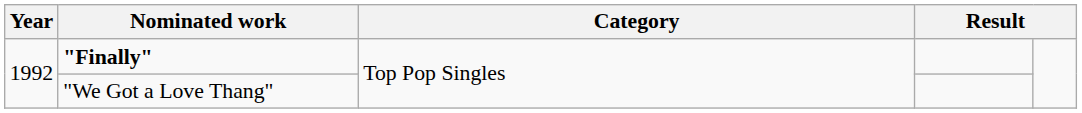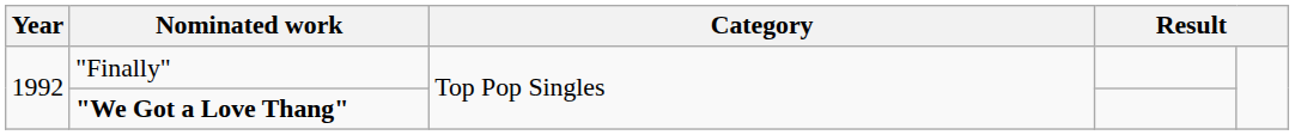 <table class=wikitable>
 <tr>
 <th width=5%>Year</th>
 <th width=28%>Nominated work</th>
 <th width=52%>Category</th>
 <th width=15% colspan=2>Result</th>
 </tr>
 <tr>
 <td rowspan=2>1992</td>
-<td><strong>"Finally"</strong></td>
+<td>"Finally"</td>
 <td rowspan=2>Top Pop Singles</td>
 <td></td>
 <td width=4% align=center rowspan=2></td>
 </tr>
 <tr>
-<td>"We Got a Love Thang"</td>
+<td><strong>"We Got a Love Thang"</strong></td>
 <td></td>
 </tr>
 </table>
